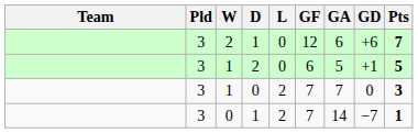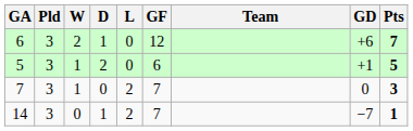 <table class="wikitable" style="text-align:center;">
 <tr>
-<th width=180>Team</th>
+<th width=20>GA</th>
 <th width=20>Pld</th>
 <th width=20>W</th>
 <th width=20>D</th>
 <th width=20>L</th>
 <th width=20>GF</th>
-<th width=20>GA</th>
+<th width=180>Team</th>
 <th width=20>GD</th>
 <th width=20>Pts</th>
 </tr>
 <tr align=center style="background:#ccffcc;">
-<td style="text-align:left;"></td>
+<td>6</td>
 <td>3</td>
 <td>2</td>
 <td>1</td>
 <td>0</td>
 <td>12</td>
-<td>6</td>
+<td style="text-align:left;"></td>
 <td>+6</td>
 <td><strong>7</strong></td>
 </tr>
 <tr align=center style="background:#ccffcc;">
-<td style="text-align:left;"></td>
+<td>5</td>
 <td>3</td>
 <td>1</td>
 <td>2</td>
 <td>0</td>
 <td>6</td>
-<td>5</td>
+<td style="text-align:left;"></td>
 <td>+1</td>
 <td><strong>5</strong></td>
 </tr>
 <tr align=center>
-<td style="text-align:left;"></td>
+<td>7</td>
 <td>3</td>
 <td>1</td>
 <td>0</td>
 <td>2</td>
 <td>7</td>
-<td>7</td>
+<td style="text-align:left;"></td>
 <td>0</td>
 <td><strong>3</strong></td>
 </tr>
 <tr align=center>
-<td style="text-align:left;"></td>
+<td>14</td>
 <td>3</td>
 <td>0</td>
 <td>1</td>
 <td>2</td>
 <td>7</td>
-<td>14</td>
+<td style="text-align:left;"></td>
 <td>−7</td>
 <td><strong>1</strong></td>
 </tr>
 </table>
